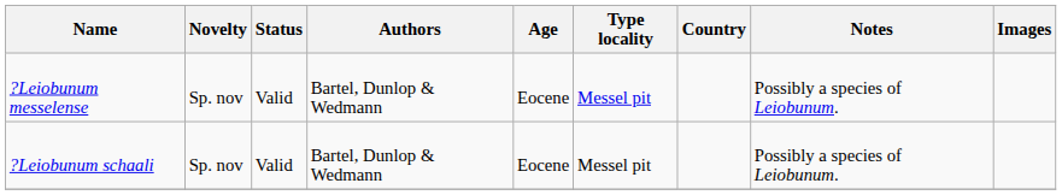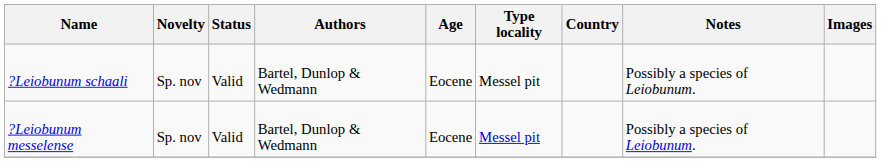 <table class="wikitable sortable" align="center" width="75%">
 <tr>
 <th>Name</th>
 <th>Novelty</th>
 <th>Status</th>
 <th>Authors</th>
 <th>Age</th>
 <th>Type locality</th>
 <th>Country</th>
 <th>Notes</th>
 <th>Images</th>
 </tr>
 <tr>
+<td><br><em><a href='#'>?Leiobunum schaali</a></em></td>
+<td><br>Sp. nov</td>
+<td><br>Valid</td>
+<td><br>Bartel, Dunlop & Wedmann</td>
+<td><br>Eocene</td>
+<td><br>Messel pit</td>
+<td><br></td>
+<td><br>Possibly a species of <em>Leiobunum</em>.</td>
+<td></td>
+</tr>
+<tr>
 <td><br><em><a href='#'>?Leiobunum messelense</a></em></td>
 <td><br>Sp. nov</td>
 <td><br>Valid</td>
 <td><br>Bartel, Dunlop & Wedmann</td>
 <td><br>Eocene</td>
 <td><br><a href='#'>Messel pit</a></td>
 <td><br></td>
 <td><br>Possibly a species of <em><a href='#'>Leiobunum</a></em>.</td>
 <td></td>
 </tr>
 <tr>
-<td><br><em><a href='#'>?Leiobunum schaali</a></em></td>
-<td><br>Sp. nov</td>
-<td><br>Valid</td>
-<td><br>Bartel, Dunlop & Wedmann</td>
-<td><br>Eocene</td>
-<td><br>Messel pit</td>
-<td><br></td>
-<td><br>Possibly a species of <em>Leiobunum</em>.</td>
-<td></td>
-</tr>
-<tr>
 </tr>
 </table>
